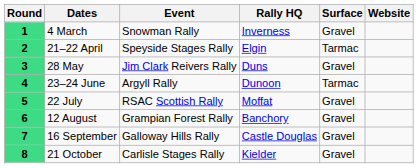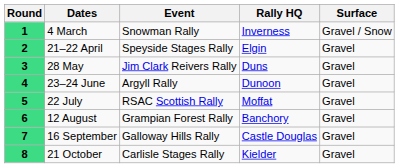 <table class="wikitable" style="font-size: 95%;">
 <tr>
 <th>Round</th>
 <th>Dates</th>
 <th>Event</th>
 <th>Rally HQ</th>
 <th>Surface</th>
-<th>Website</th>
 </tr>
 <tr>
 <th style="background:#3DDC84;">1</th>
 <td>4 March</td>
 <td>Snowman Rally</td>
 <td><a href='#'>Inverness</a></td>
-<td>Gravel</td>
-<td></td>
+<td>Gravel / Snow</td>
 </tr>
 <tr>
 <th style="background:#3DDC84">2</th>
 <td>21–22 April</td>
 <td>Speyside Stages Rally</td>
 <td><a href='#'>Elgin</a></td>
-<td>Tarmac</td>
-<td></td>
+<td>Gravel</td>
 </tr>
 <tr>
 <th style="background:#3DDC84">3</th>
 <td>28 May</td>
 <td><a href='#'>Jim Clark</a> Reivers Rally</td>
 <td><a href='#'>Duns</a></td>
 <td>Gravel</td>
-<td></td>
 </tr>
 <tr>
 <th style="background:#3DDC84">4</th>
 <td>23–24 June</td>
 <td>Argyll Rally</td>
 <td><a href='#'>Dunoon</a></td>
-<td>Tarmac</td>
-<td></td>
+<td>Gravel</td>
 </tr>
 <tr>
 <th style="background:#3DDC84">5</th>
 <td>22 July</td>
 <td>RSAC <a href='#'>Scottish Rally</a></td>
 <td><a href='#'>Moffat</a></td>
 <td>Gravel</td>
-<td></td>
 </tr>
 <tr>
 <th style="background:#3DDC84">6</th>
 <td>12 August</td>
 <td>Grampian Forest Rally</td>
 <td><a href='#'>Banchory</a></td>
 <td>Gravel</td>
-<td></td>
 </tr>
 <tr>
 <th style="background:#3DDC84">7</th>
 <td>16 September</td>
 <td>Galloway Hills Rally</td>
 <td><a href='#'>Castle Douglas</a></td>
 <td>Gravel</td>
-<td></td>
 </tr>
 <tr>
 <th style="background:#3DDC84">8</th>
 <td>21 October</td>
 <td>Carlisle Stages Rally</td>
 <td><a href='#'>Kielder</a></td>
 <td>Gravel</td>
-<td></td>
 </tr>
 </table>
